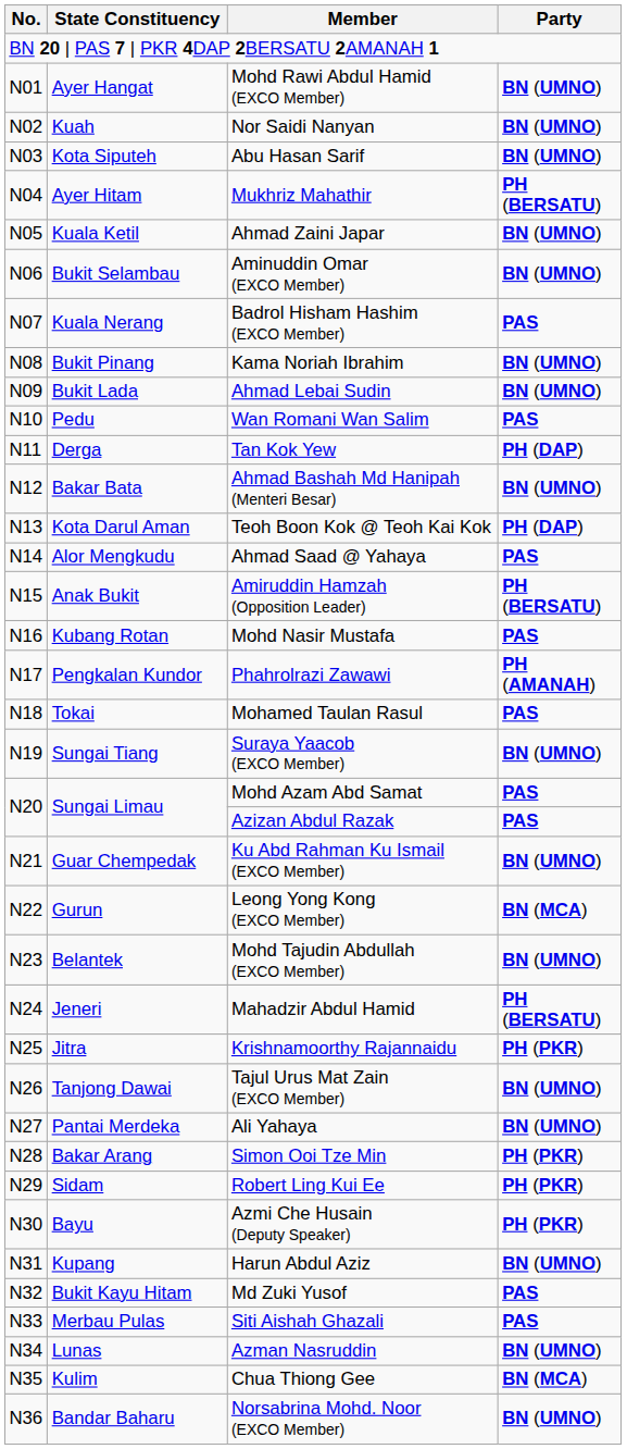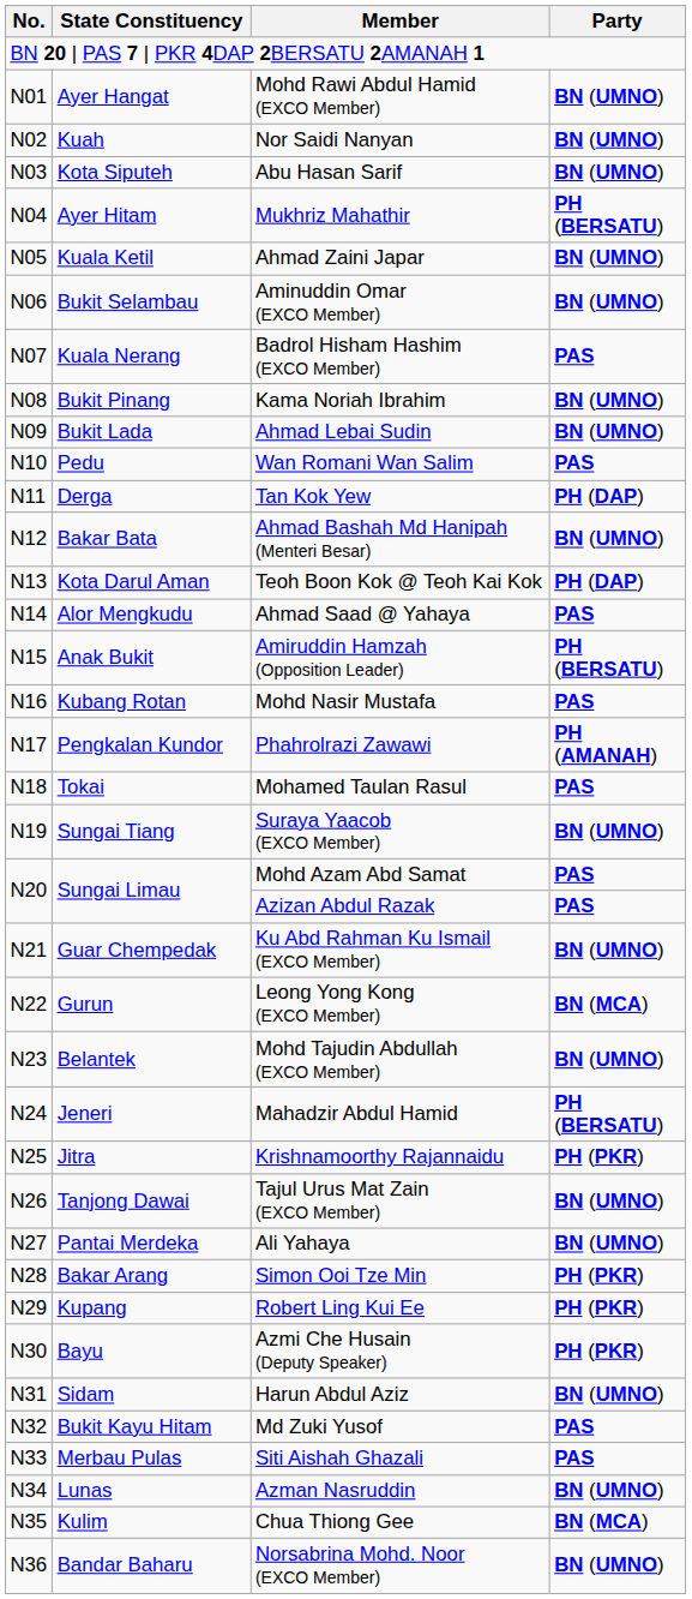 <table class="wikitable sortable">
 <tr>
 <th style="width:30px;">No.</th>
 <th style="width:150px;">State Constituency</th>
 <th style="width:230px;">Member</th>
 <th style="width:100px;">Party</th>
 </tr>
 <tr>
 <td colspan="4"><a href='#'>BN</a> <strong>20</strong> | <a href='#'>PAS</a> <strong>7</strong> | <a href='#'>PKR</a> <strong>4</strong><a href='#'>DAP</a> <strong>2</strong><a href='#'>BERSATU</a> <strong>2</strong><a href='#'>AMANAH</a> <strong>1</strong></td>
 </tr>
 <tr>
 <td>N01</td>
 <td><a href='#'>Ayer Hangat</a></td>
 <td>Mohd Rawi Abdul Hamid <br><small>(EXCO Member)</small></td>
 <td><strong><a href='#'>BN</a></strong> (<strong><a href='#'>UMNO</a></strong>)</td>
 </tr>
 <tr>
 <td>N02</td>
 <td><a href='#'>Kuah</a></td>
 <td>Nor Saidi Nanyan</td>
 <td><strong><a href='#'>BN</a></strong> (<strong><a href='#'>UMNO</a></strong>)</td>
 </tr>
 <tr>
 <td>N03</td>
 <td><a href='#'>Kota Siputeh</a></td>
 <td>Abu Hasan Sarif</td>
 <td><strong><a href='#'>BN</a></strong> (<strong><a href='#'>UMNO</a></strong>)</td>
 </tr>
 <tr>
 <td>N04</td>
 <td><a href='#'>Ayer Hitam</a></td>
 <td><a href='#'>Mukhriz Mahathir</a></td>
 <td><strong><a href='#'>PH</a></strong> (<strong><a href='#'>BERSATU</a></strong>)</td>
 </tr>
 <tr>
 <td>N05</td>
 <td><a href='#'>Kuala Ketil</a></td>
 <td>Ahmad Zaini Japar</td>
 <td><strong><a href='#'>BN</a></strong> (<strong><a href='#'>UMNO</a></strong>)</td>
 </tr>
 <tr>
 <td>N06</td>
 <td><a href='#'>Bukit Selambau</a></td>
 <td>Aminuddin Omar <br><small>(EXCO Member)</small></td>
 <td><strong><a href='#'>BN</a></strong> (<strong><a href='#'>UMNO</a></strong>)</td>
 </tr>
 <tr>
 <td>N07</td>
 <td><a href='#'>Kuala Nerang</a></td>
 <td>Badrol Hisham Hashim <br><small>(EXCO Member)</small></td>
 <td><strong><a href='#'>PAS</a></strong></td>
 </tr>
 <tr>
 <td>N08</td>
 <td><a href='#'>Bukit Pinang</a></td>
 <td>Kama Noriah Ibrahim</td>
 <td><strong><a href='#'>BN</a></strong> (<strong><a href='#'>UMNO</a></strong>)</td>
 </tr>
 <tr>
 <td>N09</td>
 <td><a href='#'>Bukit Lada</a></td>
 <td><a href='#'>Ahmad Lebai Sudin</a></td>
 <td><strong><a href='#'>BN</a></strong> (<strong><a href='#'>UMNO</a></strong>)</td>
 </tr>
 <tr>
 <td>N10</td>
 <td><a href='#'>Pedu</a></td>
 <td><a href='#'>Wan Romani Wan Salim</a></td>
 <td><strong><a href='#'>PAS</a></strong></td>
 </tr>
 <tr>
 <td>N11</td>
 <td><a href='#'>Derga</a></td>
 <td><a href='#'>Tan Kok Yew</a></td>
 <td><strong><a href='#'>PH</a></strong> (<strong><a href='#'>DAP</a></strong>)</td>
 </tr>
 <tr>
 <td>N12</td>
 <td><a href='#'>Bakar Bata</a></td>
 <td><a href='#'>Ahmad Bashah Md Hanipah</a> <br><small>(Menteri Besar)</small></td>
 <td><strong><a href='#'>BN</a></strong> (<strong><a href='#'>UMNO</a></strong>)</td>
 </tr>
 <tr>
 <td>N13</td>
 <td><a href='#'>Kota Darul Aman</a></td>
 <td>Teoh Boon Kok @ Teoh Kai Kok</td>
 <td><strong><a href='#'>PH</a></strong> (<strong><a href='#'>DAP</a></strong>)</td>
 </tr>
 <tr>
 <td>N14</td>
 <td><a href='#'>Alor Mengkudu</a></td>
 <td>Ahmad Saad @ Yahaya</td>
 <td><strong><a href='#'>PAS</a></strong></td>
 </tr>
 <tr>
 <td>N15</td>
 <td><a href='#'>Anak Bukit</a></td>
 <td><a href='#'>Amiruddin Hamzah</a> <br><small>(Opposition Leader)</small></td>
 <td><strong><a href='#'>PH</a></strong> (<strong><a href='#'>BERSATU</a></strong>)</td>
 </tr>
 <tr>
 <td>N16</td>
 <td><a href='#'>Kubang Rotan</a></td>
 <td>Mohd Nasir Mustafa</td>
 <td><strong><a href='#'>PAS</a></strong></td>
 </tr>
 <tr>
 <td>N17</td>
 <td><a href='#'>Pengkalan Kundor</a></td>
 <td><a href='#'>Phahrolrazi Zawawi</a></td>
 <td><strong><a href='#'>PH</a></strong> (<strong><a href='#'>AMANAH</a></strong>)</td>
 </tr>
 <tr>
 <td>N18</td>
 <td><a href='#'>Tokai</a></td>
 <td>Mohamed Taulan Rasul</td>
 <td><strong><a href='#'>PAS</a></strong></td>
 </tr>
 <tr>
 <td>N19</td>
 <td><a href='#'>Sungai Tiang</a></td>
 <td><a href='#'>Suraya Yaacob</a> <br><small>(EXCO Member)</small></td>
 <td><strong><a href='#'>BN</a></strong> (<strong><a href='#'>UMNO</a></strong>)</td>
 </tr>
 <tr>
 <td rowspan=2>N20</td>
 <td rowspan=2><a href='#'>Sungai Limau</a></td>
 <td>Mohd Azam Abd Samat </td>
 <td><strong><a href='#'>PAS</a></strong></td>
 </tr>
 <tr>
 <td><a href='#'>Azizan Abdul Razak</a> </td>
 <td><strong><a href='#'>PAS</a></strong></td>
 </tr>
 <tr>
 <td>N21</td>
 <td><a href='#'>Guar Chempedak</a></td>
 <td><a href='#'>Ku Abd Rahman Ku Ismail</a> <br><small>(EXCO Member)</small></td>
 <td><strong><a href='#'>BN</a></strong> (<strong><a href='#'>UMNO</a></strong>)</td>
 </tr>
 <tr>
 <td>N22</td>
 <td><a href='#'>Gurun</a></td>
 <td>Leong Yong Kong <br><small>(EXCO Member)</small></td>
 <td><strong><a href='#'>BN</a></strong> (<strong><a href='#'>MCA</a></strong>)</td>
 </tr>
 <tr>
 <td>N23</td>
 <td><a href='#'>Belantek</a></td>
 <td>Mohd Tajudin Abdullah <br><small>(EXCO Member)</small></td>
 <td><strong><a href='#'>BN</a></strong> (<strong><a href='#'>UMNO</a></strong>)</td>
 </tr>
 <tr>
 <td>N24</td>
 <td><a href='#'>Jeneri</a></td>
 <td>Mahadzir Abdul Hamid</td>
 <td><strong><a href='#'>PH</a></strong> (<strong><a href='#'>BERSATU</a></strong>)</td>
 </tr>
 <tr>
 <td>N25</td>
 <td><a href='#'>Jitra</a></td>
 <td><a href='#'>Krishnamoorthy Rajannaidu</a></td>
 <td><strong><a href='#'>PH</a></strong> (<strong><a href='#'>PKR</a></strong>)</td>
 </tr>
 <tr>
 <td>N26</td>
 <td><a href='#'>Tanjong Dawai</a></td>
 <td>Tajul Urus Mat Zain <br><small>(EXCO Member)</small></td>
 <td><strong><a href='#'>BN</a></strong> (<strong><a href='#'>UMNO</a></strong>)</td>
 </tr>
 <tr>
 <td>N27</td>
 <td><a href='#'>Pantai Merdeka</a></td>
 <td>Ali Yahaya</td>
 <td><strong><a href='#'>BN</a></strong> (<strong><a href='#'>UMNO</a></strong>)</td>
 </tr>
 <tr>
 <td>N28</td>
 <td><a href='#'>Bakar Arang</a></td>
 <td><a href='#'>Simon Ooi Tze Min</a></td>
 <td><strong><a href='#'>PH</a></strong> (<strong><a href='#'>PKR</a></strong>)</td>
 </tr>
 <tr>
 <td>N29</td>
-<td><a href='#'>Sidam</a></td>
+<td><a href='#'>Kupang</a></td>
 <td><a href='#'>Robert Ling Kui Ee</a></td>
 <td><strong><a href='#'>PH</a></strong> (<strong><a href='#'>PKR</a></strong>)</td>
 </tr>
 <tr>
 <td>N30</td>
 <td><a href='#'>Bayu</a></td>
 <td>Azmi Che Husain <br><small>(Deputy Speaker)</small></td>
 <td><strong><a href='#'>PH</a></strong> (<strong><a href='#'>PKR</a></strong>)</td>
 </tr>
 <tr>
 <td>N31</td>
-<td><a href='#'>Kupang</a></td>
+<td><a href='#'>Sidam</a></td>
 <td>Harun Abdul Aziz</td>
 <td><strong><a href='#'>BN</a></strong> (<strong><a href='#'>UMNO</a></strong>)</td>
 </tr>
 <tr>
 <td>N32</td>
 <td><a href='#'>Bukit Kayu Hitam</a></td>
 <td>Md Zuki Yusof</td>
 <td><strong><a href='#'>PAS</a></strong></td>
 </tr>
 <tr>
 <td>N33</td>
 <td><a href='#'>Merbau Pulas</a></td>
 <td><a href='#'>Siti Aishah Ghazali</a></td>
 <td><strong><a href='#'>PAS</a></strong></td>
 </tr>
 <tr>
 <td>N34</td>
 <td><a href='#'>Lunas</a></td>
 <td><a href='#'>Azman Nasruddin</a></td>
 <td><strong><a href='#'>BN</a></strong> (<strong><a href='#'>UMNO</a></strong>)</td>
 </tr>
 <tr>
 <td>N35</td>
 <td><a href='#'>Kulim</a></td>
 <td>Chua Thiong Gee</td>
 <td><strong><a href='#'>BN</a></strong> (<strong><a href='#'>MCA</a></strong>)</td>
 </tr>
 <tr>
 <td>N36</td>
 <td><a href='#'>Bandar Baharu</a></td>
 <td><a href='#'>Norsabrina Mohd. Noor</a> <br><small>(EXCO Member)</small></td>
 <td><strong><a href='#'>BN</a></strong> (<strong><a href='#'>UMNO</a></strong>)</td>
 </tr>
 </table>
